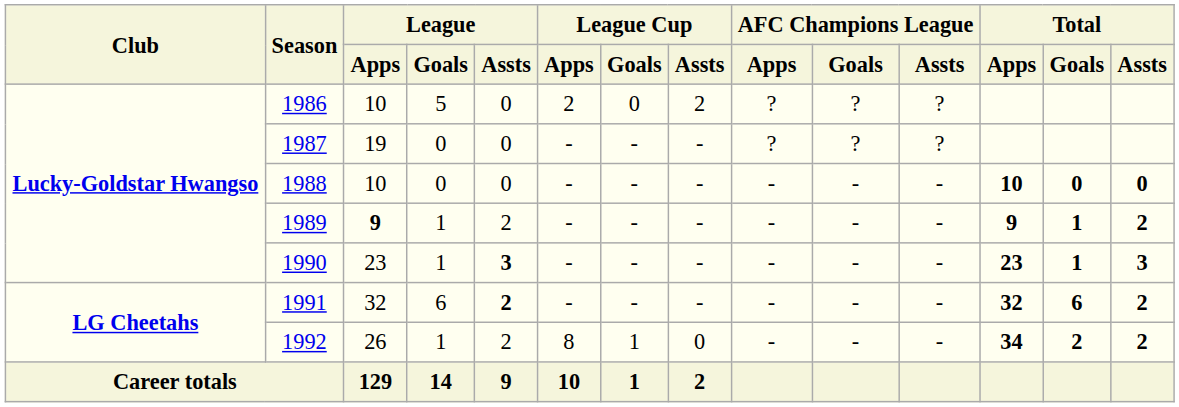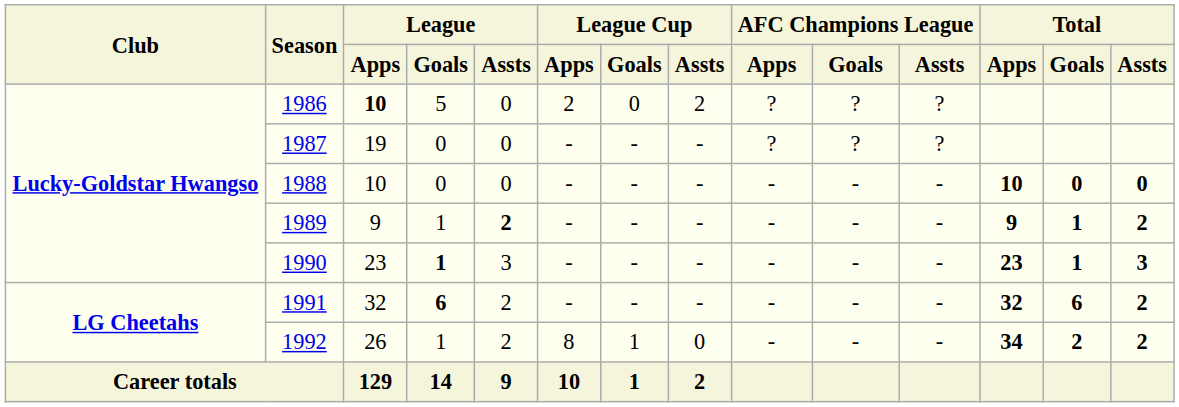 <table border=1 align=center cellpadding=4 cellspacing=2 style="background: ivory; font-size: 95%; border: 1px #aaaaaa solid; border-collapse: collapse; clear:center">
 <tr style="background:beige">
 <th rowspan="2">Club</th>
 <th rowspan="2">Season</th>
 <th colspan="3">League</th>
 <th colspan="3">League Cup</th>
 <th colspan="3">AFC Champions League</th>
 <th colspan="3">Total</th>
 </tr>
 <tr style="background:beige">
 <th>Apps</th>
 <th>Goals</th>
 <th>Assts</th>
 <th>Apps</th>
 <th>Goals</th>
 <th>Assts</th>
 <th>Apps</th>
 <th>Goals</th>
 <th>Assts</th>
 <th>Apps</th>
 <th>Goals</th>
 <th>Assts</th>
 </tr>
 <tr>
 <td rowspan="5" align=center valign=center><strong><a href='#'>Lucky-Goldstar Hwangso</a></strong></td>
 <td align="center"><a href='#'>1986</a></td>
-<td align="center">10</td>
+<td align="center"><strong>10</strong></td>
 <td align="center">5</td>
 <td align="center">0</td>
 <td align="center">2</td>
 <td align="center">0</td>
 <td align="center">2</td>
 <td align="center">?</td>
 <td align="center">?</td>
 <td align="center">?</td>
 <th></th>
 <th></th>
 <th></th>
 </tr>
 <tr>
 <td align="center"><a href='#'>1987</a></td>
 <td align="center">19</td>
 <td align="center">0</td>
 <td align="center">0</td>
 <td align="center">-</td>
 <td align="center">-</td>
 <td align="center">-</td>
 <td align="center">?</td>
 <td align="center">?</td>
 <td align="center">?</td>
 <th></th>
 <th></th>
 <th></th>
 </tr>
 <tr>
 <td align="center"><a href='#'>1988</a></td>
 <td align="center">10</td>
 <td align="center">0</td>
 <td align="center">0</td>
 <td align="center">-</td>
 <td align="center">-</td>
 <td align="center">-</td>
 <td align="center">-</td>
 <td align="center">-</td>
 <td align="center">-</td>
 <th>10</th>
 <th>0</th>
 <th>0</th>
 </tr>
 <tr>
 <td align="center"><a href='#'>1989</a></td>
-<td align="center"><strong>9</strong></td>
+<td align="center">9</td>
 <td align="center">1</td>
-<td align="center">2</td>
+<td align="center"><strong>2</strong></td>
 <td align="center">-</td>
 <td align="center">-</td>
 <td align="center">-</td>
 <td align="center">-</td>
 <td align="center">-</td>
 <td align="center">-</td>
 <th>9</th>
 <th>1</th>
 <th>2</th>
 </tr>
 <tr>
 <td align="center"><a href='#'>1990</a></td>
 <td align="center">23</td>
-<td align="center">1</td>
-<td align="center"><strong>3</strong></td>
+<td align="center"><strong>1</strong></td>
+<td align="center">3</td>
 <td align="center">-</td>
 <td align="center">-</td>
 <td align="center">-</td>
 <td align="center">-</td>
 <td align="center">-</td>
 <td align="center">-</td>
 <th>23</th>
 <th>1</th>
 <th>3</th>
 </tr>
 <tr>
 <td rowspan="2" align=center valign=center><strong><a href='#'>LG Cheetahs</a></strong></td>
 <td align="center"><a href='#'>1991</a></td>
 <td align="center">32</td>
-<td align="center">6</td>
-<td align="center"><strong>2</strong></td>
+<td align="center"><strong>6</strong></td>
+<td align="center">2</td>
 <td align="center">-</td>
 <td align="center">-</td>
 <td align="center">-</td>
 <td align="center">-</td>
 <td align="center">-</td>
 <td align="center">-</td>
 <th>32</th>
 <th>6</th>
 <th>2</th>
 </tr>
 <tr>
 <td align="center"><a href='#'>1992</a></td>
 <td align="center">26</td>
 <td align="center">1</td>
 <td align="center">2</td>
 <td align="center">8</td>
 <td align="center">1</td>
 <td align="center">0</td>
 <td align="center">-</td>
 <td align="center">-</td>
 <td align="center">-</td>
 <th>34</th>
 <th>2</th>
 <th>2</th>
 </tr>
 <tr style="background:beige">
 <th colspan="2">Career totals</th>
 <th>129</th>
 <th>14</th>
 <th>9</th>
 <th>10</th>
 <th>1</th>
 <th>2</th>
 <th></th>
 <th></th>
 <th></th>
 <th></th>
 <th></th>
 <th></th>
 </tr>
 </table>
